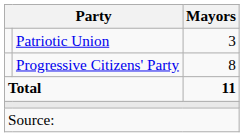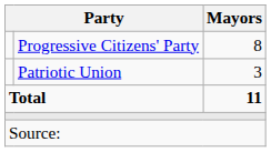 <table class="wikitable" style="text-align:right">
 <tr>
 <th colspan="2">Party</th>
 <th>Mayors</th>
 </tr>
 <tr>
 <td width="1"></td>
-<td align="left"><a href='#'>Patriotic Union</a></td>
-<td>3</td>
+<td align="left"><a href='#'>Progressive Citizens' Party</a></td>
+<td>8</td>
 </tr>
 <tr>
 <td width="1"></td>
-<td align="left"><a href='#'>Progressive Citizens' Party</a></td>
-<td>8</td>
+<td align="left"><a href='#'>Patriotic Union</a></td>
+<td>3</td>
 </tr>
 <tr>
 <td colspan="2" align="left"><strong>Total</strong></td>
 <td><strong>11</strong></td>
 </tr>
 <tr>
 <td colspan="3" style="color:inherit;background:#E9E9E9"></td>
 </tr>
 <tr>
 <td colspan="3" align="left">Source: </td>
 </tr>
 </table>
